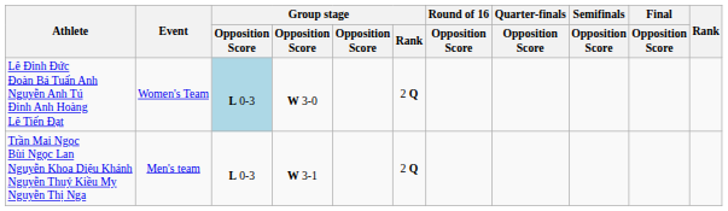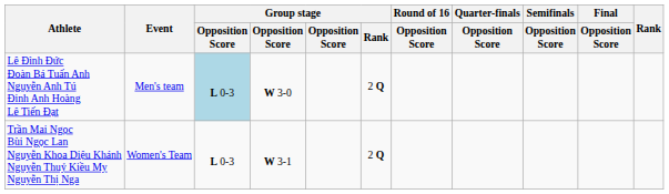 <table class=wikitable style="text-align:center; font-size:90%">
 <tr>
 <th rowspan="2">Athlete</th>
 <th rowspan=2>Event</th>
 <th colspan=4>Group stage</th>
 <th>Round of 16</th>
 <th>Quarter-finals</th>
 <th>Semifinals</th>
 <th>Final</th>
 <th rowspan="2">Rank</th>
 </tr>
 <tr>
 <th>Opposition<br>Score</th>
 <th>Opposition<br>Score</th>
 <th>Opposition<br>Score</th>
 <th>Rank</th>
 <th>Opposition<br>Score</th>
 <th>Opposition<br>Score</th>
 <th>Opposition<br>Score</th>
 <th>Opposition<br>Score</th>
 </tr>
 <tr>
 <td align=left><a href='#'>Lê Đình Đức</a><br><a href='#'>Đoàn Bá Tuấn Anh</a><br><a href='#'>Nguyễn Anh Tú</a><br><a href='#'>Đinh Anh Hoàng</a><br><a href='#'>Lê Tiến Đạt</a></td>
-<td><a href='#'>Women's Team</a></td>
+<td><a href='#'>Men's team</a></td>
 <td style="background: lightblue;"><br><strong>L</strong> 0-3</td>
 <td><br> <strong>W</strong> 3-0</td>
 <td></td>
 <td>2 <strong>Q</strong></td>
 <td><br></td>
 <td></td>
 <td></td>
 <td></td>
 <td></td>
 </tr>
 <tr>
 <td align=left><a href='#'>Trần Mai Ngọc</a><br><a href='#'>Bùi Ngọc Lan</a><br><a href='#'>Nguyễn Khoa Diệu Khánh</a><br><a href='#'>Nguyễn Thuỷ Kiều My</a><br><a href='#'>Nguyễn Thị Nga</a></td>
-<td><a href='#'>Men's team</a></td>
+<td><a href='#'>Women's Team</a></td>
 <td><br><strong>L</strong> 0-3</td>
 <td><br><strong>W</strong> 3-1</td>
 <td></td>
 <td>2 <strong>Q</strong></td>
 <td><br></td>
 <td></td>
 <td></td>
 <td></td>
 <td></td>
 </tr>
 </table>
